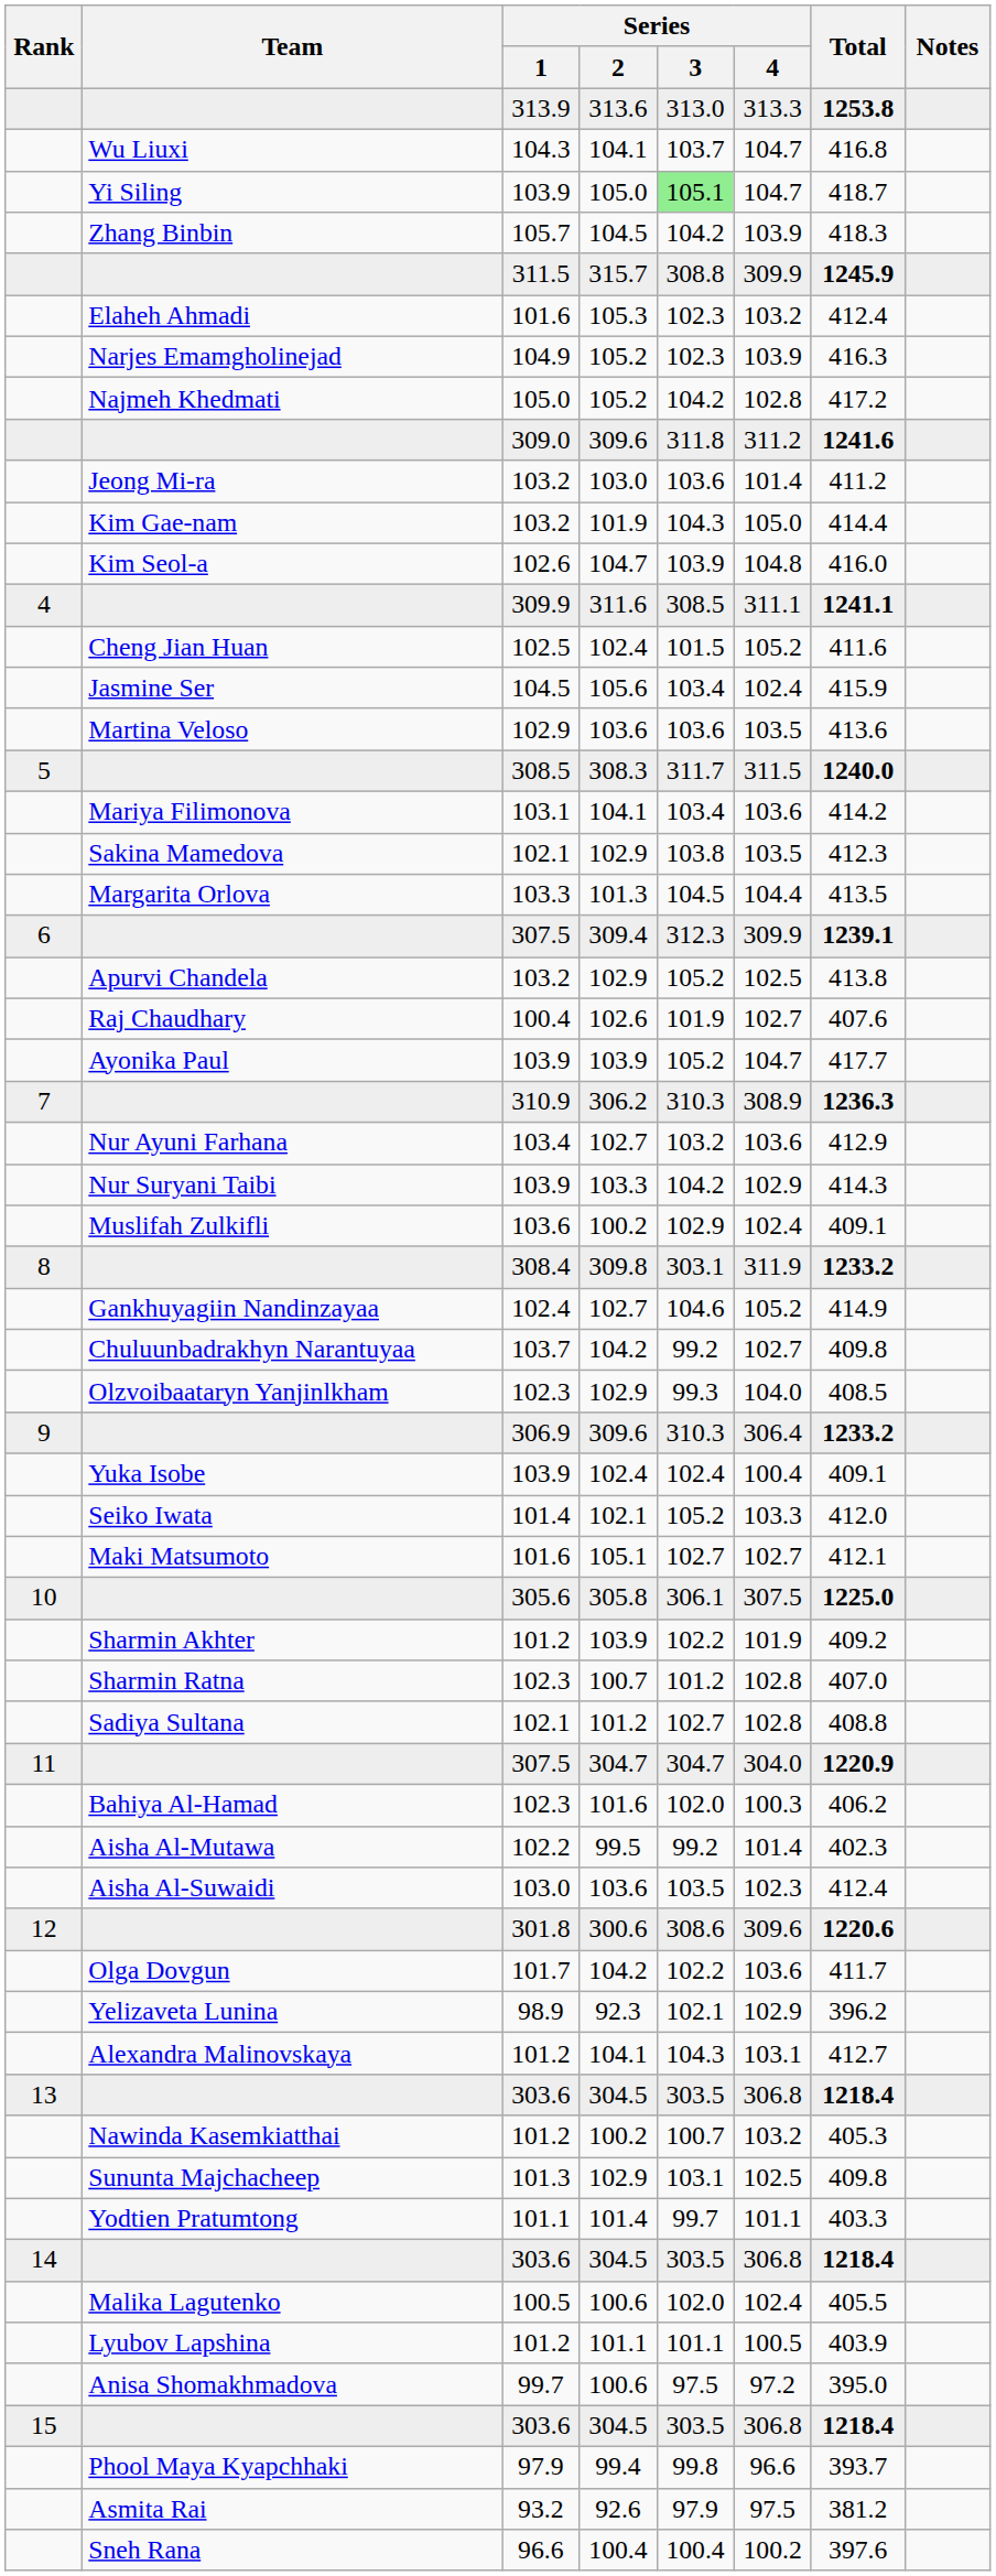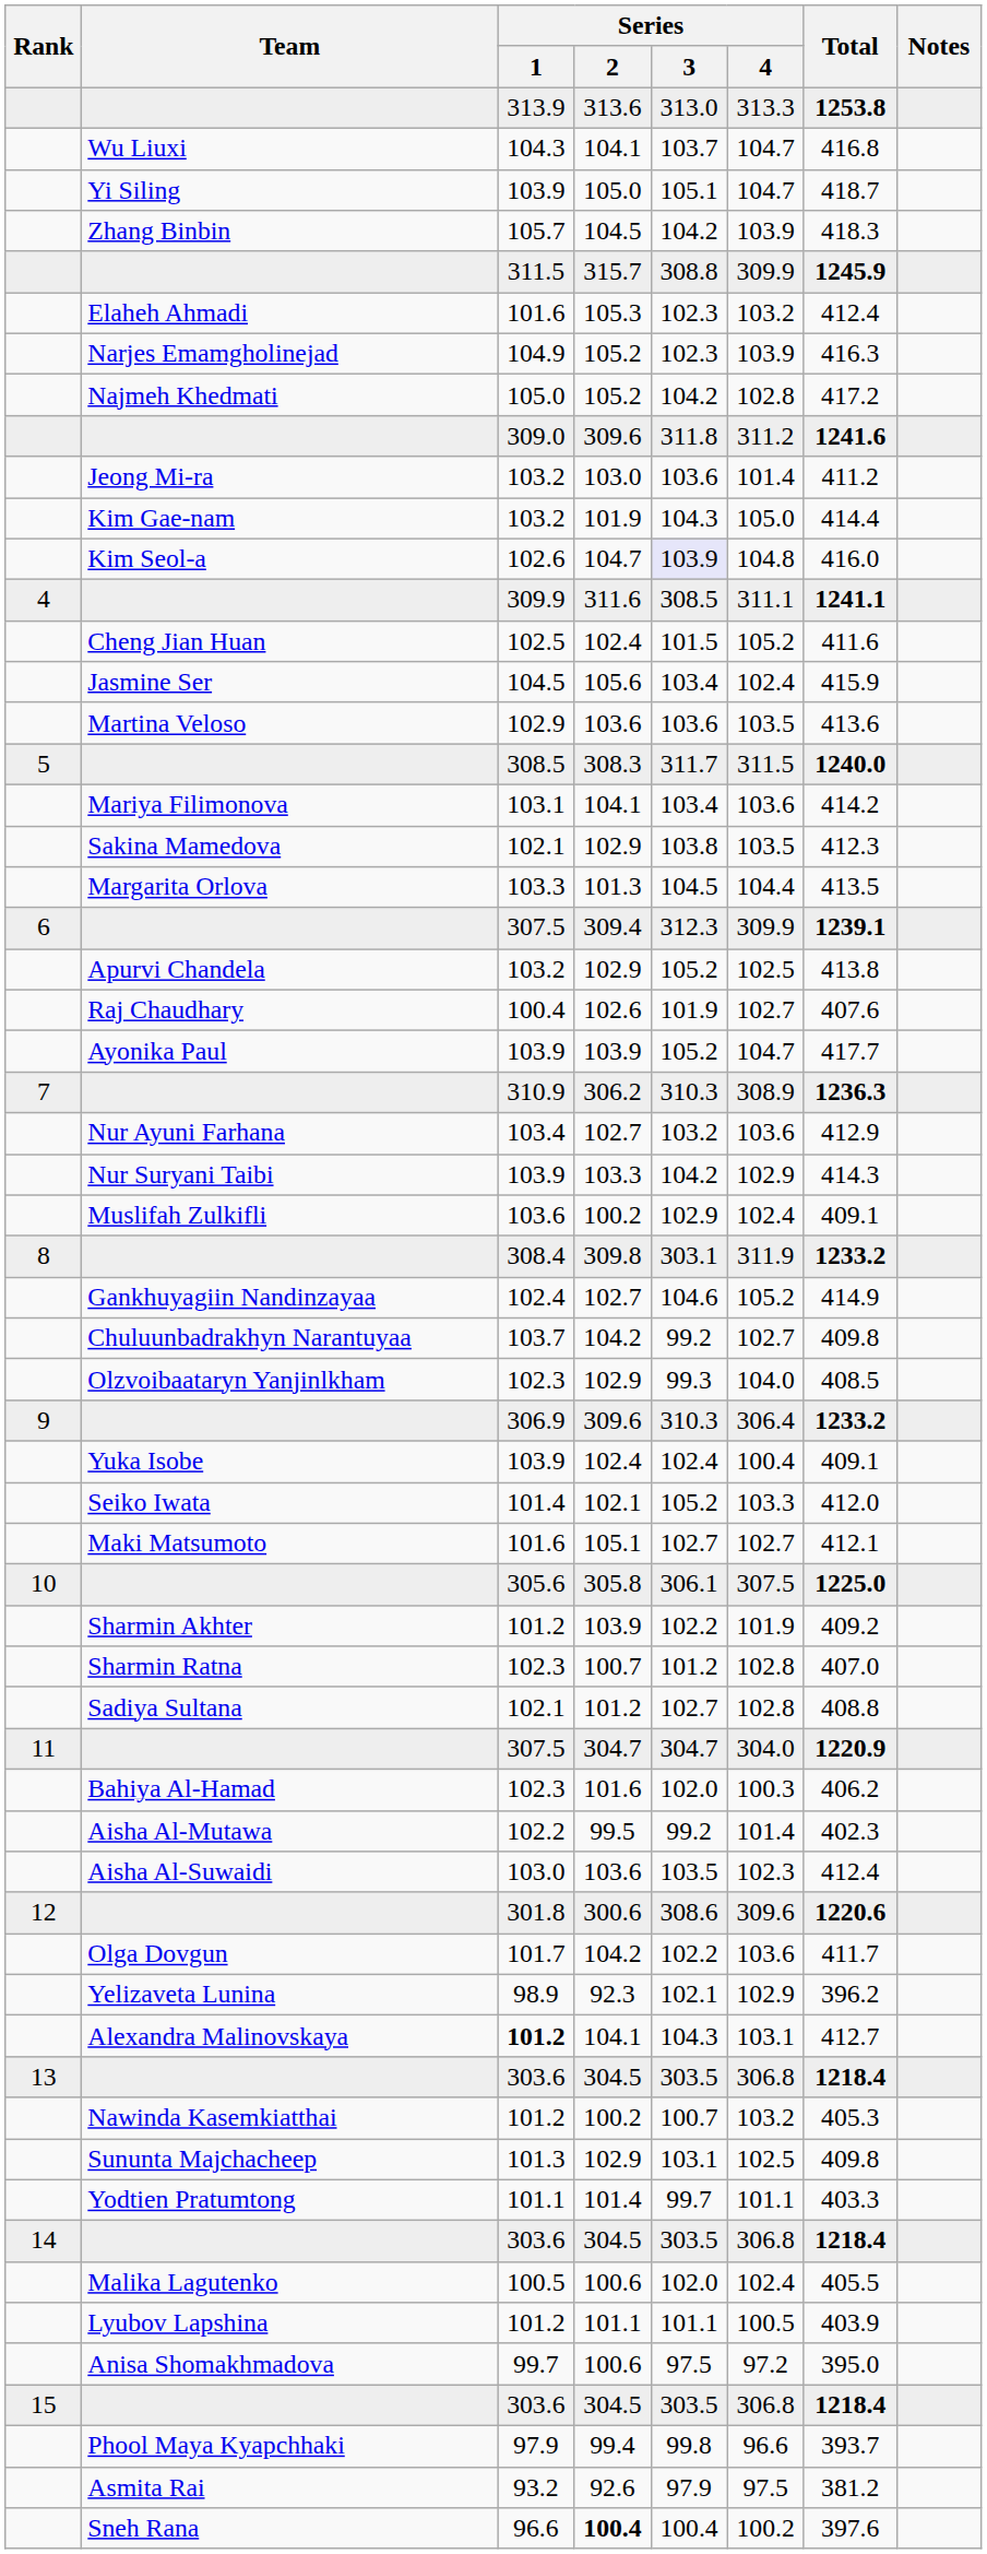 <table class="wikitable" style="text-align:center">
 <tr>
 <th rowspan=2 width=40>Rank</th>
 <th rowspan=2 width=250>Team</th>
 <th colspan=4>Series</th>
 <th rowspan=2 width=50>Total</th>
 <th rowspan=2 width=45>Notes</th>
 </tr>
 <tr>
 <th width=40>1</th>
 <th width=40>2</th>
 <th width=40>3</th>
 <th width=40>4</th>
 </tr>
 <tr bgcolor=eeeeee>
 <td></td>
 <td align=left></td>
 <td>313.9</td>
 <td>313.6</td>
 <td>313.0</td>
 <td>313.3</td>
 <td><strong>1253.8</strong></td>
 <td></td>
 </tr>
 <tr>
 <td></td>
 <td align=left><a href='#'>Wu Liuxi</a></td>
 <td>104.3</td>
 <td>104.1</td>
 <td>103.7</td>
 <td>104.7</td>
 <td>416.8</td>
 <td></td>
 </tr>
 <tr>
 <td></td>
 <td align=left><a href='#'>Yi Siling</a></td>
 <td>103.9</td>
 <td>105.0</td>
-<td style="background: lightgreen;">105.1</td>
+<td>105.1</td>
 <td>104.7</td>
 <td>418.7</td>
 <td></td>
 </tr>
 <tr>
 <td></td>
 <td align=left><a href='#'>Zhang Binbin</a></td>
 <td>105.7</td>
 <td>104.5</td>
 <td>104.2</td>
 <td>103.9</td>
 <td>418.3</td>
 <td></td>
 </tr>
 <tr bgcolor=eeeeee>
 <td></td>
 <td align=left></td>
 <td>311.5</td>
 <td>315.7</td>
 <td>308.8</td>
 <td>309.9</td>
 <td><strong>1245.9</strong></td>
 <td></td>
 </tr>
 <tr>
 <td></td>
 <td align=left><a href='#'>Elaheh Ahmadi</a></td>
 <td>101.6</td>
 <td>105.3</td>
 <td>102.3</td>
 <td>103.2</td>
 <td>412.4</td>
 <td></td>
 </tr>
 <tr>
 <td></td>
 <td align=left><a href='#'>Narjes Emamgholinejad</a></td>
 <td>104.9</td>
 <td>105.2</td>
 <td>102.3</td>
 <td>103.9</td>
 <td>416.3</td>
 <td></td>
 </tr>
 <tr>
 <td></td>
 <td align=left><a href='#'>Najmeh Khedmati</a></td>
 <td>105.0</td>
 <td>105.2</td>
 <td>104.2</td>
 <td>102.8</td>
 <td>417.2</td>
 <td></td>
 </tr>
 <tr bgcolor=eeeeee>
 <td></td>
 <td align=left></td>
 <td>309.0</td>
 <td>309.6</td>
 <td>311.8</td>
 <td>311.2</td>
 <td><strong>1241.6</strong></td>
 <td></td>
 </tr>
 <tr>
 <td></td>
 <td align=left><a href='#'>Jeong Mi-ra</a></td>
 <td>103.2</td>
 <td>103.0</td>
 <td>103.6</td>
 <td>101.4</td>
 <td>411.2</td>
 <td></td>
 </tr>
 <tr>
 <td></td>
 <td align=left><a href='#'>Kim Gae-nam</a></td>
 <td>103.2</td>
 <td>101.9</td>
 <td>104.3</td>
 <td>105.0</td>
 <td>414.4</td>
 <td></td>
 </tr>
 <tr>
 <td></td>
 <td align=left><a href='#'>Kim Seol-a</a></td>
 <td>102.6</td>
 <td>104.7</td>
-<td>103.9</td>
+<td style="background: lavender;">103.9</td>
 <td>104.8</td>
 <td>416.0</td>
 <td></td>
 </tr>
 <tr bgcolor=eeeeee>
 <td>4</td>
 <td align=left></td>
 <td>309.9</td>
 <td>311.6</td>
 <td>308.5</td>
 <td>311.1</td>
 <td><strong>1241.1</strong></td>
 <td></td>
 </tr>
 <tr>
 <td></td>
 <td align=left><a href='#'>Cheng Jian Huan</a></td>
 <td>102.5</td>
 <td>102.4</td>
 <td>101.5</td>
 <td>105.2</td>
 <td>411.6</td>
 <td></td>
 </tr>
 <tr>
 <td></td>
 <td align=left><a href='#'>Jasmine Ser</a></td>
 <td>104.5</td>
 <td>105.6</td>
 <td>103.4</td>
 <td>102.4</td>
 <td>415.9</td>
 <td></td>
 </tr>
 <tr>
 <td></td>
 <td align=left><a href='#'>Martina Veloso</a></td>
 <td>102.9</td>
 <td>103.6</td>
 <td>103.6</td>
 <td>103.5</td>
 <td>413.6</td>
 <td></td>
 </tr>
 <tr bgcolor=eeeeee>
 <td>5</td>
 <td align=left></td>
 <td>308.5</td>
 <td>308.3</td>
 <td>311.7</td>
 <td>311.5</td>
 <td><strong>1240.0</strong></td>
 <td></td>
 </tr>
 <tr>
 <td></td>
 <td align=left><a href='#'>Mariya Filimonova</a></td>
 <td>103.1</td>
 <td>104.1</td>
 <td>103.4</td>
 <td>103.6</td>
 <td>414.2</td>
 <td></td>
 </tr>
 <tr>
 <td></td>
 <td align=left><a href='#'>Sakina Mamedova</a></td>
 <td>102.1</td>
 <td>102.9</td>
 <td>103.8</td>
 <td>103.5</td>
 <td>412.3</td>
 <td></td>
 </tr>
 <tr>
 <td></td>
 <td align=left><a href='#'>Margarita Orlova</a></td>
 <td>103.3</td>
 <td>101.3</td>
 <td>104.5</td>
 <td>104.4</td>
 <td>413.5</td>
 <td></td>
 </tr>
 <tr bgcolor=eeeeee>
 <td>6</td>
 <td align=left></td>
 <td>307.5</td>
 <td>309.4</td>
 <td>312.3</td>
 <td>309.9</td>
 <td><strong>1239.1</strong></td>
 <td></td>
 </tr>
 <tr>
 <td></td>
 <td align=left><a href='#'>Apurvi Chandela</a></td>
 <td>103.2</td>
 <td>102.9</td>
 <td>105.2</td>
 <td>102.5</td>
 <td>413.8</td>
 <td></td>
 </tr>
 <tr>
 <td></td>
 <td align=left><a href='#'>Raj Chaudhary</a></td>
 <td>100.4</td>
 <td>102.6</td>
 <td>101.9</td>
 <td>102.7</td>
 <td>407.6</td>
 <td></td>
 </tr>
 <tr>
 <td></td>
 <td align=left><a href='#'>Ayonika Paul</a></td>
 <td>103.9</td>
 <td>103.9</td>
 <td>105.2</td>
 <td>104.7</td>
 <td>417.7</td>
 <td></td>
 </tr>
 <tr bgcolor=eeeeee>
 <td>7</td>
 <td align=left></td>
 <td>310.9</td>
 <td>306.2</td>
 <td>310.3</td>
 <td>308.9</td>
 <td><strong>1236.3</strong></td>
 <td></td>
 </tr>
 <tr>
 <td></td>
 <td align=left><a href='#'>Nur Ayuni Farhana</a></td>
 <td>103.4</td>
 <td>102.7</td>
 <td>103.2</td>
 <td>103.6</td>
 <td>412.9</td>
 <td></td>
 </tr>
 <tr>
 <td></td>
 <td align=left><a href='#'>Nur Suryani Taibi</a></td>
 <td>103.9</td>
 <td>103.3</td>
 <td>104.2</td>
 <td>102.9</td>
 <td>414.3</td>
 <td></td>
 </tr>
 <tr>
 <td></td>
 <td align=left><a href='#'>Muslifah Zulkifli</a></td>
 <td>103.6</td>
 <td>100.2</td>
 <td>102.9</td>
 <td>102.4</td>
 <td>409.1</td>
 <td></td>
 </tr>
 <tr bgcolor=eeeeee>
 <td>8</td>
 <td align=left></td>
 <td>308.4</td>
 <td>309.8</td>
 <td>303.1</td>
 <td>311.9</td>
 <td><strong>1233.2</strong></td>
 <td></td>
 </tr>
 <tr>
 <td></td>
 <td align=left><a href='#'>Gankhuyagiin Nandinzayaa</a></td>
 <td>102.4</td>
 <td>102.7</td>
 <td>104.6</td>
 <td>105.2</td>
 <td>414.9</td>
 <td></td>
 </tr>
 <tr>
 <td></td>
 <td align=left><a href='#'>Chuluunbadrakhyn Narantuyaa</a></td>
 <td>103.7</td>
 <td>104.2</td>
 <td>99.2</td>
 <td>102.7</td>
 <td>409.8</td>
 <td></td>
 </tr>
 <tr>
 <td></td>
 <td align=left><a href='#'>Olzvoibaataryn Yanjinlkham</a></td>
 <td>102.3</td>
 <td>102.9</td>
 <td>99.3</td>
 <td>104.0</td>
 <td>408.5</td>
 <td></td>
 </tr>
 <tr bgcolor=eeeeee>
 <td>9</td>
 <td align=left></td>
 <td>306.9</td>
 <td>309.6</td>
 <td>310.3</td>
 <td>306.4</td>
 <td><strong>1233.2</strong></td>
 <td></td>
 </tr>
 <tr>
 <td></td>
 <td align=left><a href='#'>Yuka Isobe</a></td>
 <td>103.9</td>
 <td>102.4</td>
 <td>102.4</td>
 <td>100.4</td>
 <td>409.1</td>
 <td></td>
 </tr>
 <tr>
 <td></td>
 <td align=left><a href='#'>Seiko Iwata</a></td>
 <td>101.4</td>
 <td>102.1</td>
 <td>105.2</td>
 <td>103.3</td>
 <td>412.0</td>
 <td></td>
 </tr>
 <tr>
 <td></td>
 <td align=left><a href='#'>Maki Matsumoto</a></td>
 <td>101.6</td>
 <td>105.1</td>
 <td>102.7</td>
 <td>102.7</td>
 <td>412.1</td>
 <td></td>
 </tr>
 <tr bgcolor=eeeeee>
 <td>10</td>
 <td align=left></td>
 <td>305.6</td>
 <td>305.8</td>
 <td>306.1</td>
 <td>307.5</td>
 <td><strong>1225.0</strong></td>
 <td></td>
 </tr>
 <tr>
 <td></td>
 <td align=left><a href='#'>Sharmin Akhter</a></td>
 <td>101.2</td>
 <td>103.9</td>
 <td>102.2</td>
 <td>101.9</td>
 <td>409.2</td>
 <td></td>
 </tr>
 <tr>
 <td></td>
 <td align=left><a href='#'>Sharmin Ratna</a></td>
 <td>102.3</td>
 <td>100.7</td>
 <td>101.2</td>
 <td>102.8</td>
 <td>407.0</td>
 <td></td>
 </tr>
 <tr>
 <td></td>
 <td align=left><a href='#'>Sadiya Sultana</a></td>
 <td>102.1</td>
 <td>101.2</td>
 <td>102.7</td>
 <td>102.8</td>
 <td>408.8</td>
 <td></td>
 </tr>
 <tr bgcolor=eeeeee>
 <td>11</td>
 <td align=left></td>
 <td>307.5</td>
 <td>304.7</td>
 <td>304.7</td>
 <td>304.0</td>
 <td><strong>1220.9</strong></td>
 <td></td>
 </tr>
 <tr>
 <td></td>
 <td align=left><a href='#'>Bahiya Al-Hamad</a></td>
 <td>102.3</td>
 <td>101.6</td>
 <td>102.0</td>
 <td>100.3</td>
 <td>406.2</td>
 <td></td>
 </tr>
 <tr>
 <td></td>
 <td align=left><a href='#'>Aisha Al-Mutawa</a></td>
 <td>102.2</td>
 <td>99.5</td>
 <td>99.2</td>
 <td>101.4</td>
 <td>402.3</td>
 <td></td>
 </tr>
 <tr>
 <td></td>
 <td align=left><a href='#'>Aisha Al-Suwaidi</a></td>
 <td>103.0</td>
 <td>103.6</td>
 <td>103.5</td>
 <td>102.3</td>
 <td>412.4</td>
 <td></td>
 </tr>
 <tr bgcolor=eeeeee>
 <td>12</td>
 <td align=left></td>
 <td>301.8</td>
 <td>300.6</td>
 <td>308.6</td>
 <td>309.6</td>
 <td><strong>1220.6</strong></td>
 <td></td>
 </tr>
 <tr>
 <td></td>
 <td align=left><a href='#'>Olga Dovgun</a></td>
 <td>101.7</td>
 <td>104.2</td>
 <td>102.2</td>
 <td>103.6</td>
 <td>411.7</td>
 <td></td>
 </tr>
 <tr>
 <td></td>
 <td align=left><a href='#'>Yelizaveta Lunina</a></td>
 <td>98.9</td>
 <td>92.3</td>
 <td>102.1</td>
 <td>102.9</td>
 <td>396.2</td>
 <td></td>
 </tr>
 <tr>
 <td></td>
 <td align=left><a href='#'>Alexandra Malinovskaya</a></td>
-<td>101.2</td>
+<td><strong>101.2</strong></td>
 <td>104.1</td>
 <td>104.3</td>
 <td>103.1</td>
 <td>412.7</td>
 <td></td>
 </tr>
 <tr bgcolor=eeeeee>
 <td>13</td>
 <td align=left></td>
 <td>303.6</td>
 <td>304.5</td>
 <td>303.5</td>
 <td>306.8</td>
 <td><strong>1218.4</strong></td>
 <td></td>
 </tr>
 <tr>
 <td></td>
 <td align=left><a href='#'>Nawinda Kasemkiatthai</a></td>
 <td>101.2</td>
 <td>100.2</td>
 <td>100.7</td>
 <td>103.2</td>
 <td>405.3</td>
 <td></td>
 </tr>
 <tr>
 <td></td>
 <td align=left><a href='#'>Sununta Majchacheep</a></td>
 <td>101.3</td>
 <td>102.9</td>
 <td>103.1</td>
 <td>102.5</td>
 <td>409.8</td>
 <td></td>
 </tr>
 <tr>
 <td></td>
 <td align=left><a href='#'>Yodtien Pratumtong</a></td>
 <td>101.1</td>
 <td>101.4</td>
 <td>99.7</td>
 <td>101.1</td>
 <td>403.3</td>
 <td></td>
 </tr>
 <tr bgcolor=eeeeee>
 <td>14</td>
 <td align=left></td>
 <td>303.6</td>
 <td>304.5</td>
 <td>303.5</td>
 <td>306.8</td>
 <td><strong>1218.4</strong></td>
 <td></td>
 </tr>
 <tr>
 <td></td>
 <td align=left><a href='#'>Malika Lagutenko</a></td>
 <td>100.5</td>
 <td>100.6</td>
 <td>102.0</td>
 <td>102.4</td>
 <td>405.5</td>
 <td></td>
 </tr>
 <tr>
 <td></td>
 <td align=left><a href='#'>Lyubov Lapshina</a></td>
 <td>101.2</td>
 <td>101.1</td>
 <td>101.1</td>
 <td>100.5</td>
 <td>403.9</td>
 <td></td>
 </tr>
 <tr>
 <td></td>
 <td align=left><a href='#'>Anisa Shomakhmadova</a></td>
 <td>99.7</td>
 <td>100.6</td>
 <td>97.5</td>
 <td>97.2</td>
 <td>395.0</td>
 <td></td>
 </tr>
 <tr bgcolor=eeeeee>
 <td>15</td>
 <td align=left></td>
 <td>303.6</td>
 <td>304.5</td>
 <td>303.5</td>
 <td>306.8</td>
 <td><strong>1218.4</strong></td>
 <td></td>
 </tr>
 <tr>
 <td></td>
 <td align=left><a href='#'>Phool Maya Kyapchhaki</a></td>
 <td>97.9</td>
 <td>99.4</td>
 <td>99.8</td>
 <td>96.6</td>
 <td>393.7</td>
 <td></td>
 </tr>
 <tr>
 <td></td>
 <td align=left><a href='#'>Asmita Rai</a></td>
 <td>93.2</td>
 <td>92.6</td>
 <td>97.9</td>
 <td>97.5</td>
 <td>381.2</td>
 <td></td>
 </tr>
 <tr>
 <td></td>
 <td align=left><a href='#'>Sneh Rana</a></td>
 <td>96.6</td>
-<td>100.4</td>
+<td><strong>100.4</strong></td>
 <td>100.4</td>
 <td>100.2</td>
 <td>397.6</td>
 <td></td>
 </tr>
 </table>
